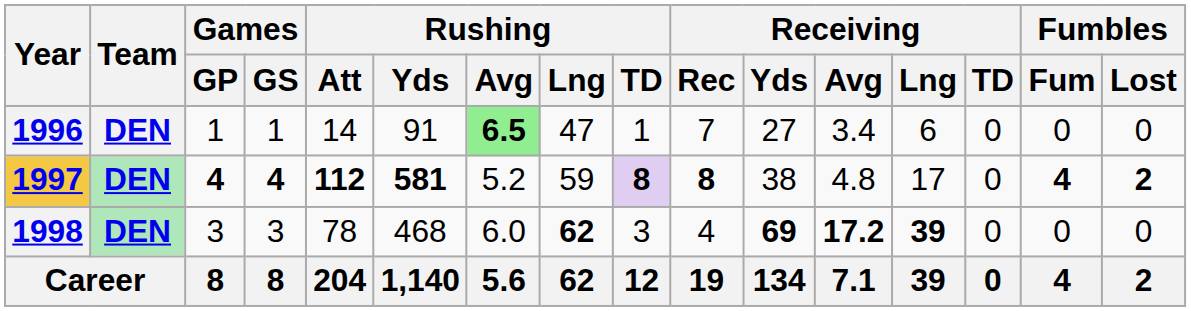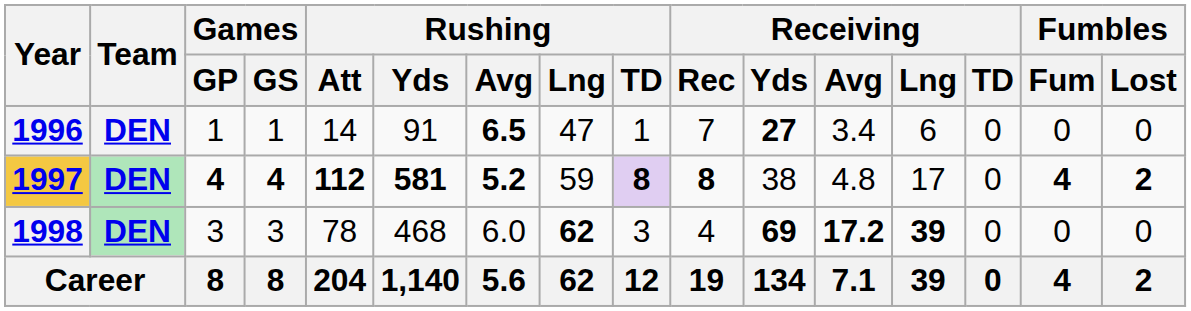 <table class=wikitable style="text-align:center">
 <tr>
 <th rowspan="2">Year</th>
 <th rowspan="2">Team</th>
 <th colspan="2">Games</th>
 <th colspan="5">Rushing</th>
 <th colspan="5">Receiving</th>
 <th colspan="2">Fumbles</th>
 </tr>
 <tr>
 <th>GP</th>
 <th>GS</th>
 <th>Att</th>
 <th>Yds</th>
 <th>Avg</th>
 <th>Lng</th>
 <th>TD</th>
 <th>Rec</th>
 <th>Yds</th>
 <th>Avg</th>
 <th>Lng</th>
 <th>TD</th>
 <th>Fum</th>
 <th>Lost</th>
 </tr>
 <tr>
 <th><a href='#'>1996</a></th>
 <th><a href='#'>DEN</a></th>
 <td>1</td>
 <td>1</td>
 <td>14</td>
 <td>91</td>
-<td style="background: lightgreen;"><strong>6.5</strong></td>
+<td><strong>6.5</strong></td>
 <td>47</td>
 <td>1</td>
 <td>7</td>
-<td>27</td>
+<td><strong>27</strong></td>
 <td>3.4</td>
 <td>6</td>
 <td>0</td>
 <td>0</td>
 <td>0</td>
 </tr>
 <tr>
 <th style="background:#f4c842;"><a href='#'>1997</a></th>
 <th style="background:#afe6ba;"><a href='#'>DEN</a></th>
 <td><strong>4</strong></td>
 <td><strong>4</strong></td>
 <td><strong>112</strong></td>
 <td><strong>581</strong></td>
-<td>5.2</td>
+<td><strong>5.2</strong></td>
 <td>59</td>
 <td style="background:#e0cef2;"><strong>8</strong></td>
 <td><strong>8</strong></td>
 <td>38</td>
 <td>4.8</td>
 <td>17</td>
 <td>0</td>
 <td><strong>4</strong></td>
 <td><strong>2</strong></td>
 </tr>
 <tr>
 <th><a href='#'>1998</a></th>
 <th style="background:#afe6ba;"><a href='#'>DEN</a></th>
 <td>3</td>
 <td>3</td>
 <td>78</td>
 <td>468</td>
 <td>6.0</td>
 <td><strong>62</strong></td>
 <td>3</td>
 <td>4</td>
 <td><strong>69</strong></td>
 <td><strong>17.2</strong></td>
 <td><strong>39</strong></td>
 <td>0</td>
 <td>0</td>
 <td>0</td>
 </tr>
 <tr>
 <th colspan="2">Career</th>
 <th>8</th>
 <th>8</th>
 <th>204</th>
 <th>1,140</th>
 <th>5.6</th>
 <th>62</th>
 <th>12</th>
 <th>19</th>
 <th>134</th>
 <th>7.1</th>
 <th>39</th>
 <th>0</th>
 <th>4</th>
 <th>2</th>
 </tr>
 </table>
